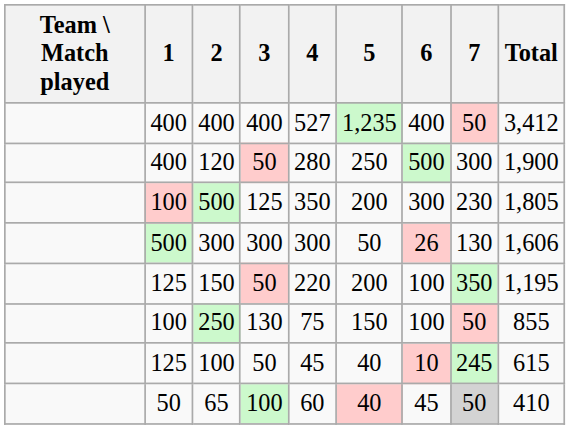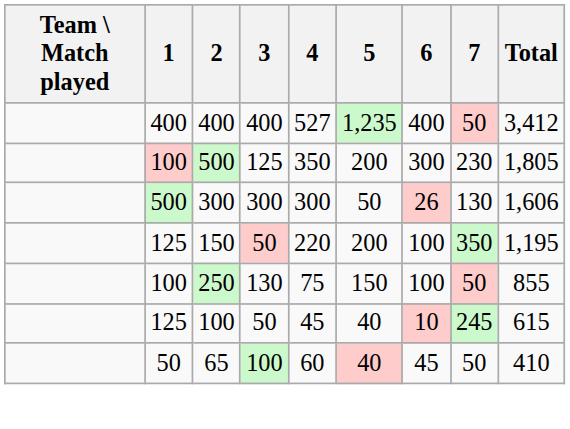 <table class="wikitable sortable" style="font-size: 90%; text-align:center;">
 <tr>
 <th style="width:76px;">Team \ Match played</th>
 <th align=center>1</th>
 <th align=center>2</th>
 <th align=center>3</th>
 <th align=center>4</th>
 <th align=center>5</th>
 <th align=center>6</th>
 <th align=center>7</th>
 <th align="center">Total</th>
 </tr>
 <tr align=center>
 <td align=left></td>
 <td>400</td>
 <td>400</td>
 <td>400</td>
 <td>527</td>
 <td style="background:#CCF9CC">1,235</td>
 <td>400</td>
 <td style="background:#FFCCCC">50</td>
 <td>3,412</td>
-</tr>
-<tr align=center>
-<td align=left></td>
-<td>400</td>
-<td>120</td>
-<td style="background:#FFCCCC">50</td>
-<td>280</td>
-<td>250</td>
-<td style="background:#CCF9CC">500</td>
-<td>300</td>
-<td>1,900</td>
 </tr>
 <tr align=center>
 <td align=left></td>
 <td style="background:#FFCCCC">100</td>
 <td style="background:#CCF9CC">500</td>
 <td>125</td>
 <td>350</td>
 <td>200</td>
 <td>300</td>
 <td>230</td>
 <td>1,805</td>
 </tr>
 <tr align=center>
 <td align=left></td>
 <td style="background:#CCF9CC">500</td>
 <td>300</td>
 <td>300</td>
 <td>300</td>
 <td>50</td>
 <td style="background:#FFCCCC">26</td>
 <td>130</td>
 <td>1,606</td>
 </tr>
 <tr align=center>
 <td align=left></td>
 <td>125</td>
 <td>150</td>
 <td style="background:#FFCCCC">50</td>
 <td>220</td>
 <td>200</td>
 <td>100</td>
 <td style="background:#CCF9CC">350</td>
 <td>1,195</td>
 </tr>
 <tr align=center>
 <td align=left></td>
 <td>100</td>
 <td style="background:#CCF9CC">250</td>
 <td>130</td>
 <td>75</td>
 <td>150</td>
 <td>100</td>
 <td style="background:#FFCCCC">50</td>
 <td>855</td>
 </tr>
 <tr align=center>
 <td align=left></td>
 <td>125</td>
 <td>100</td>
 <td>50</td>
 <td>45</td>
 <td>40</td>
 <td style="background:#FFCCCC">10</td>
 <td style="background:#CCF9CC">245</td>
 <td>615</td>
 </tr>
 <tr align=center>
 <td align=left></td>
 <td>50</td>
 <td>65</td>
 <td style="background:#CCF9CC">100</td>
 <td>60</td>
 <td style="background:#FFCCCC">40</td>
 <td>45</td>
-<td style="background: lightgrey;">50</td>
+<td>50</td>
 <td>410</td>
 </tr>
 </table>
